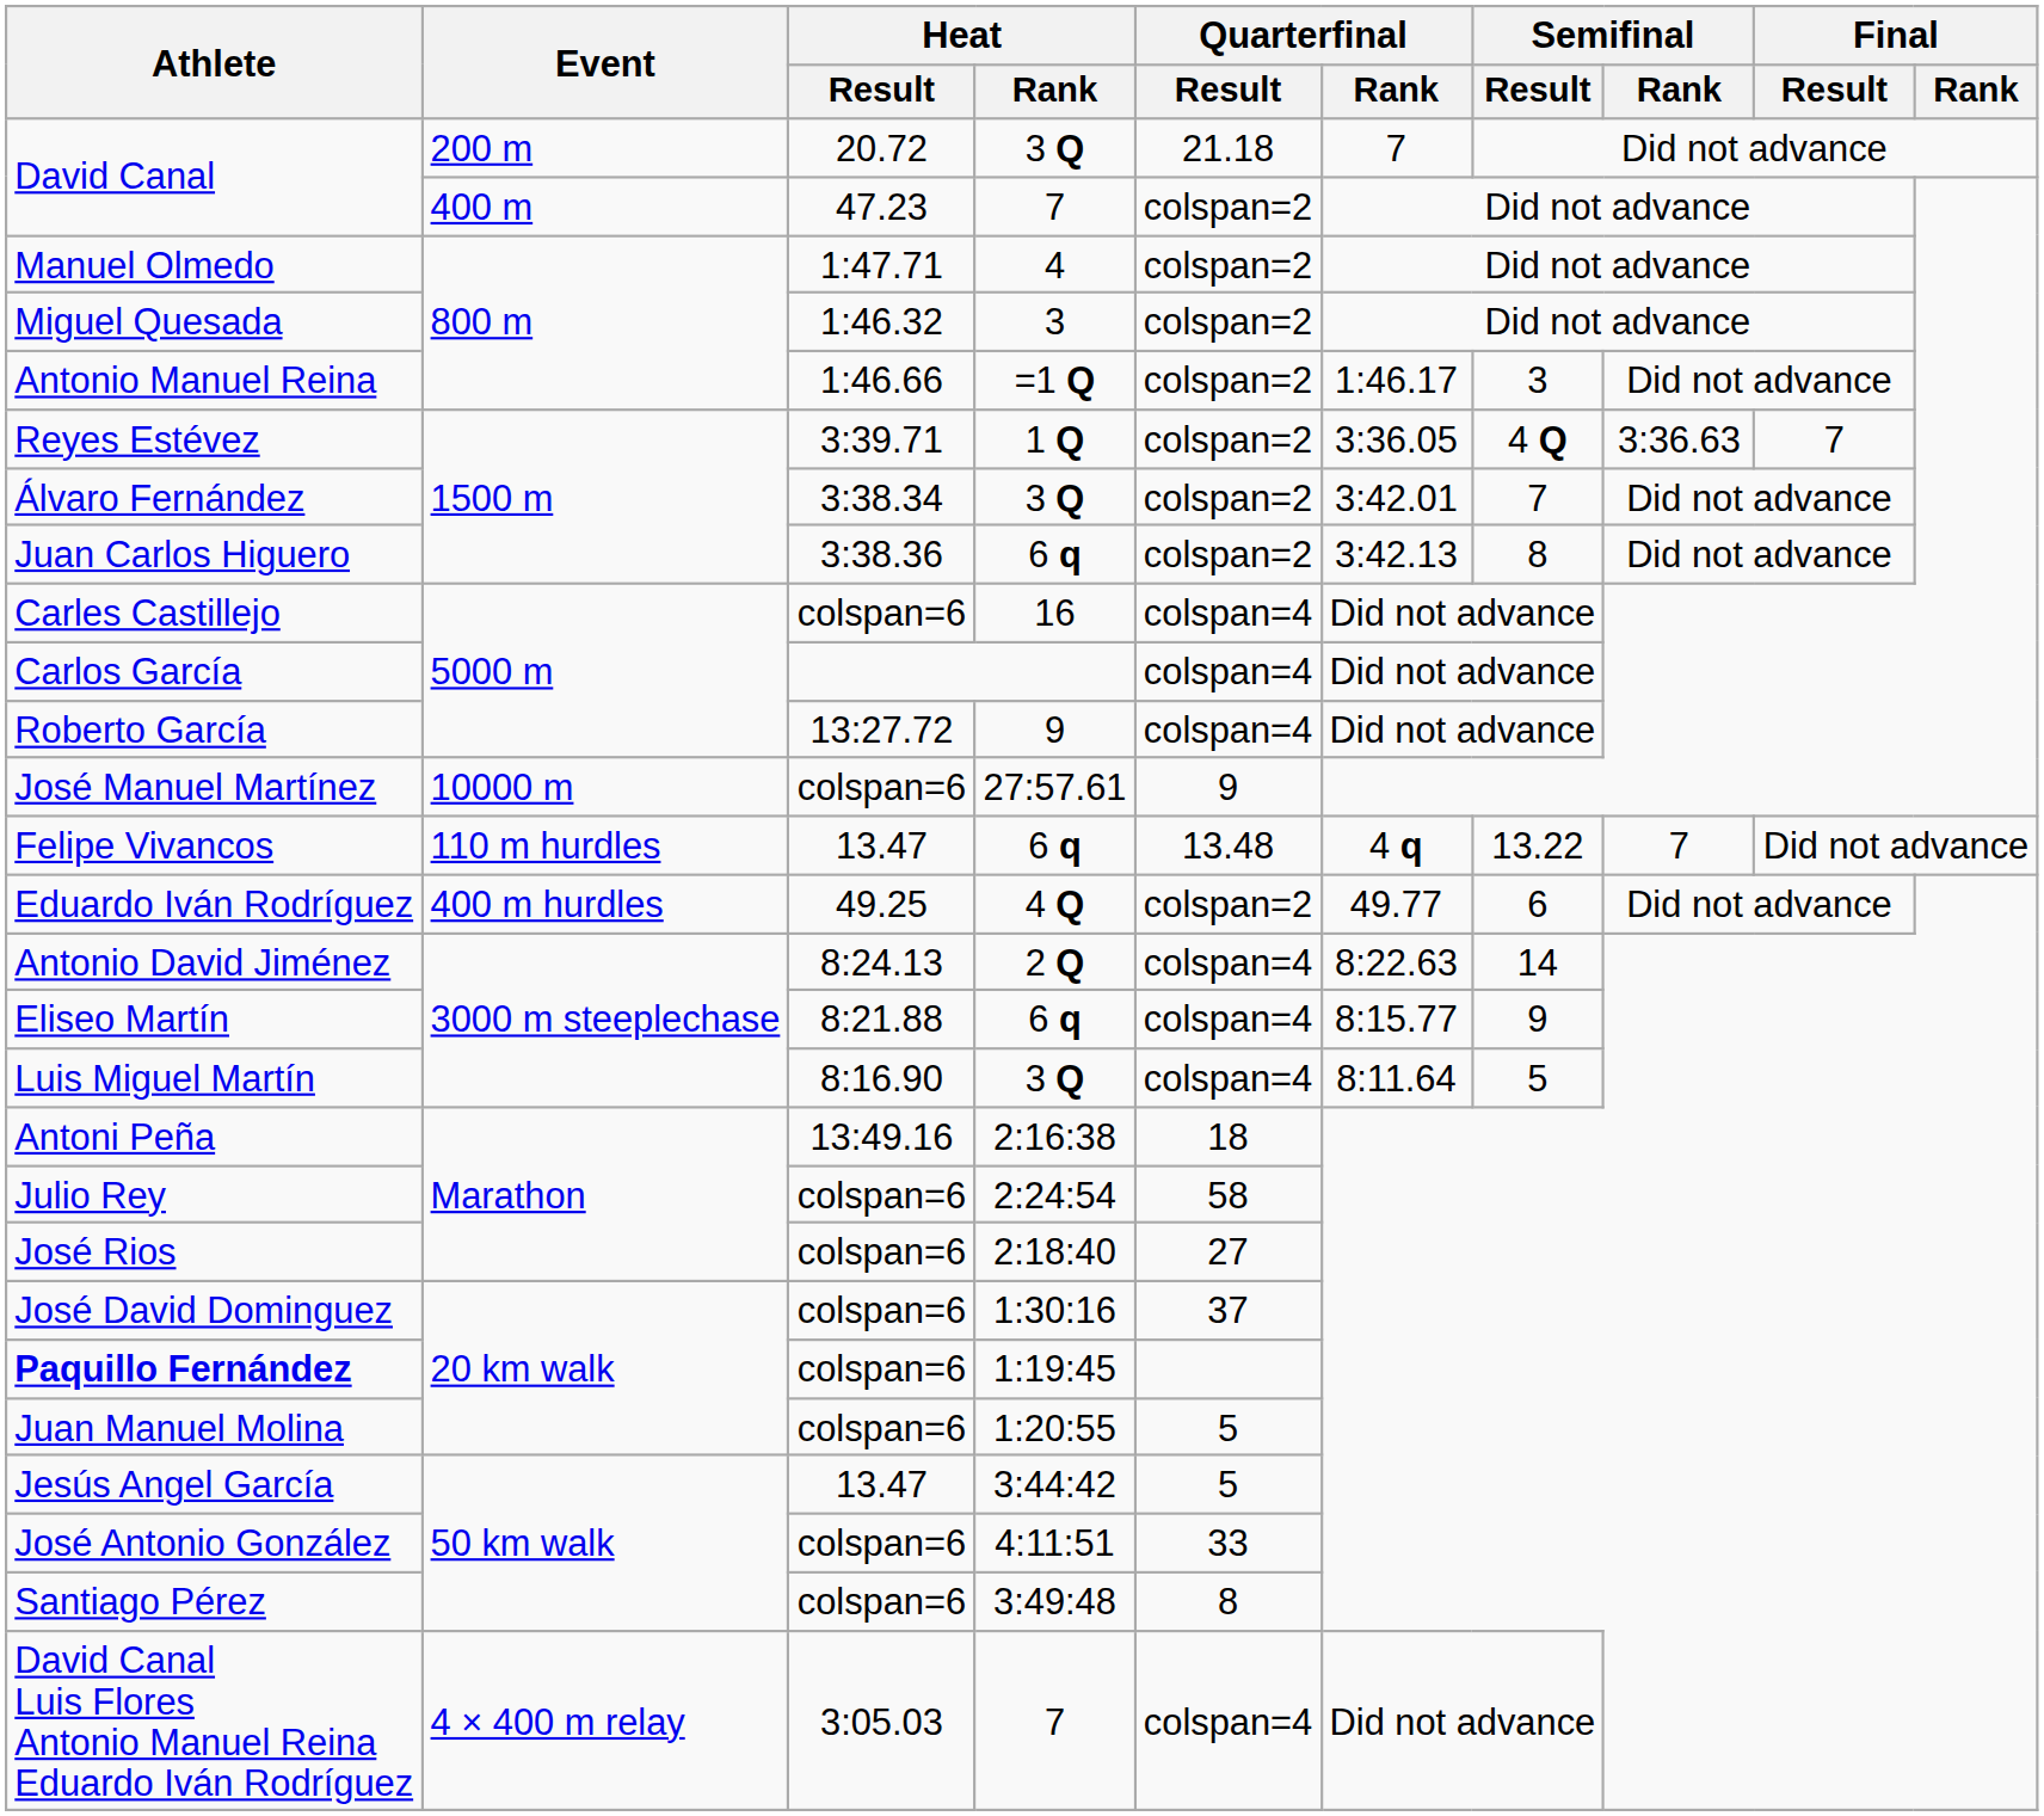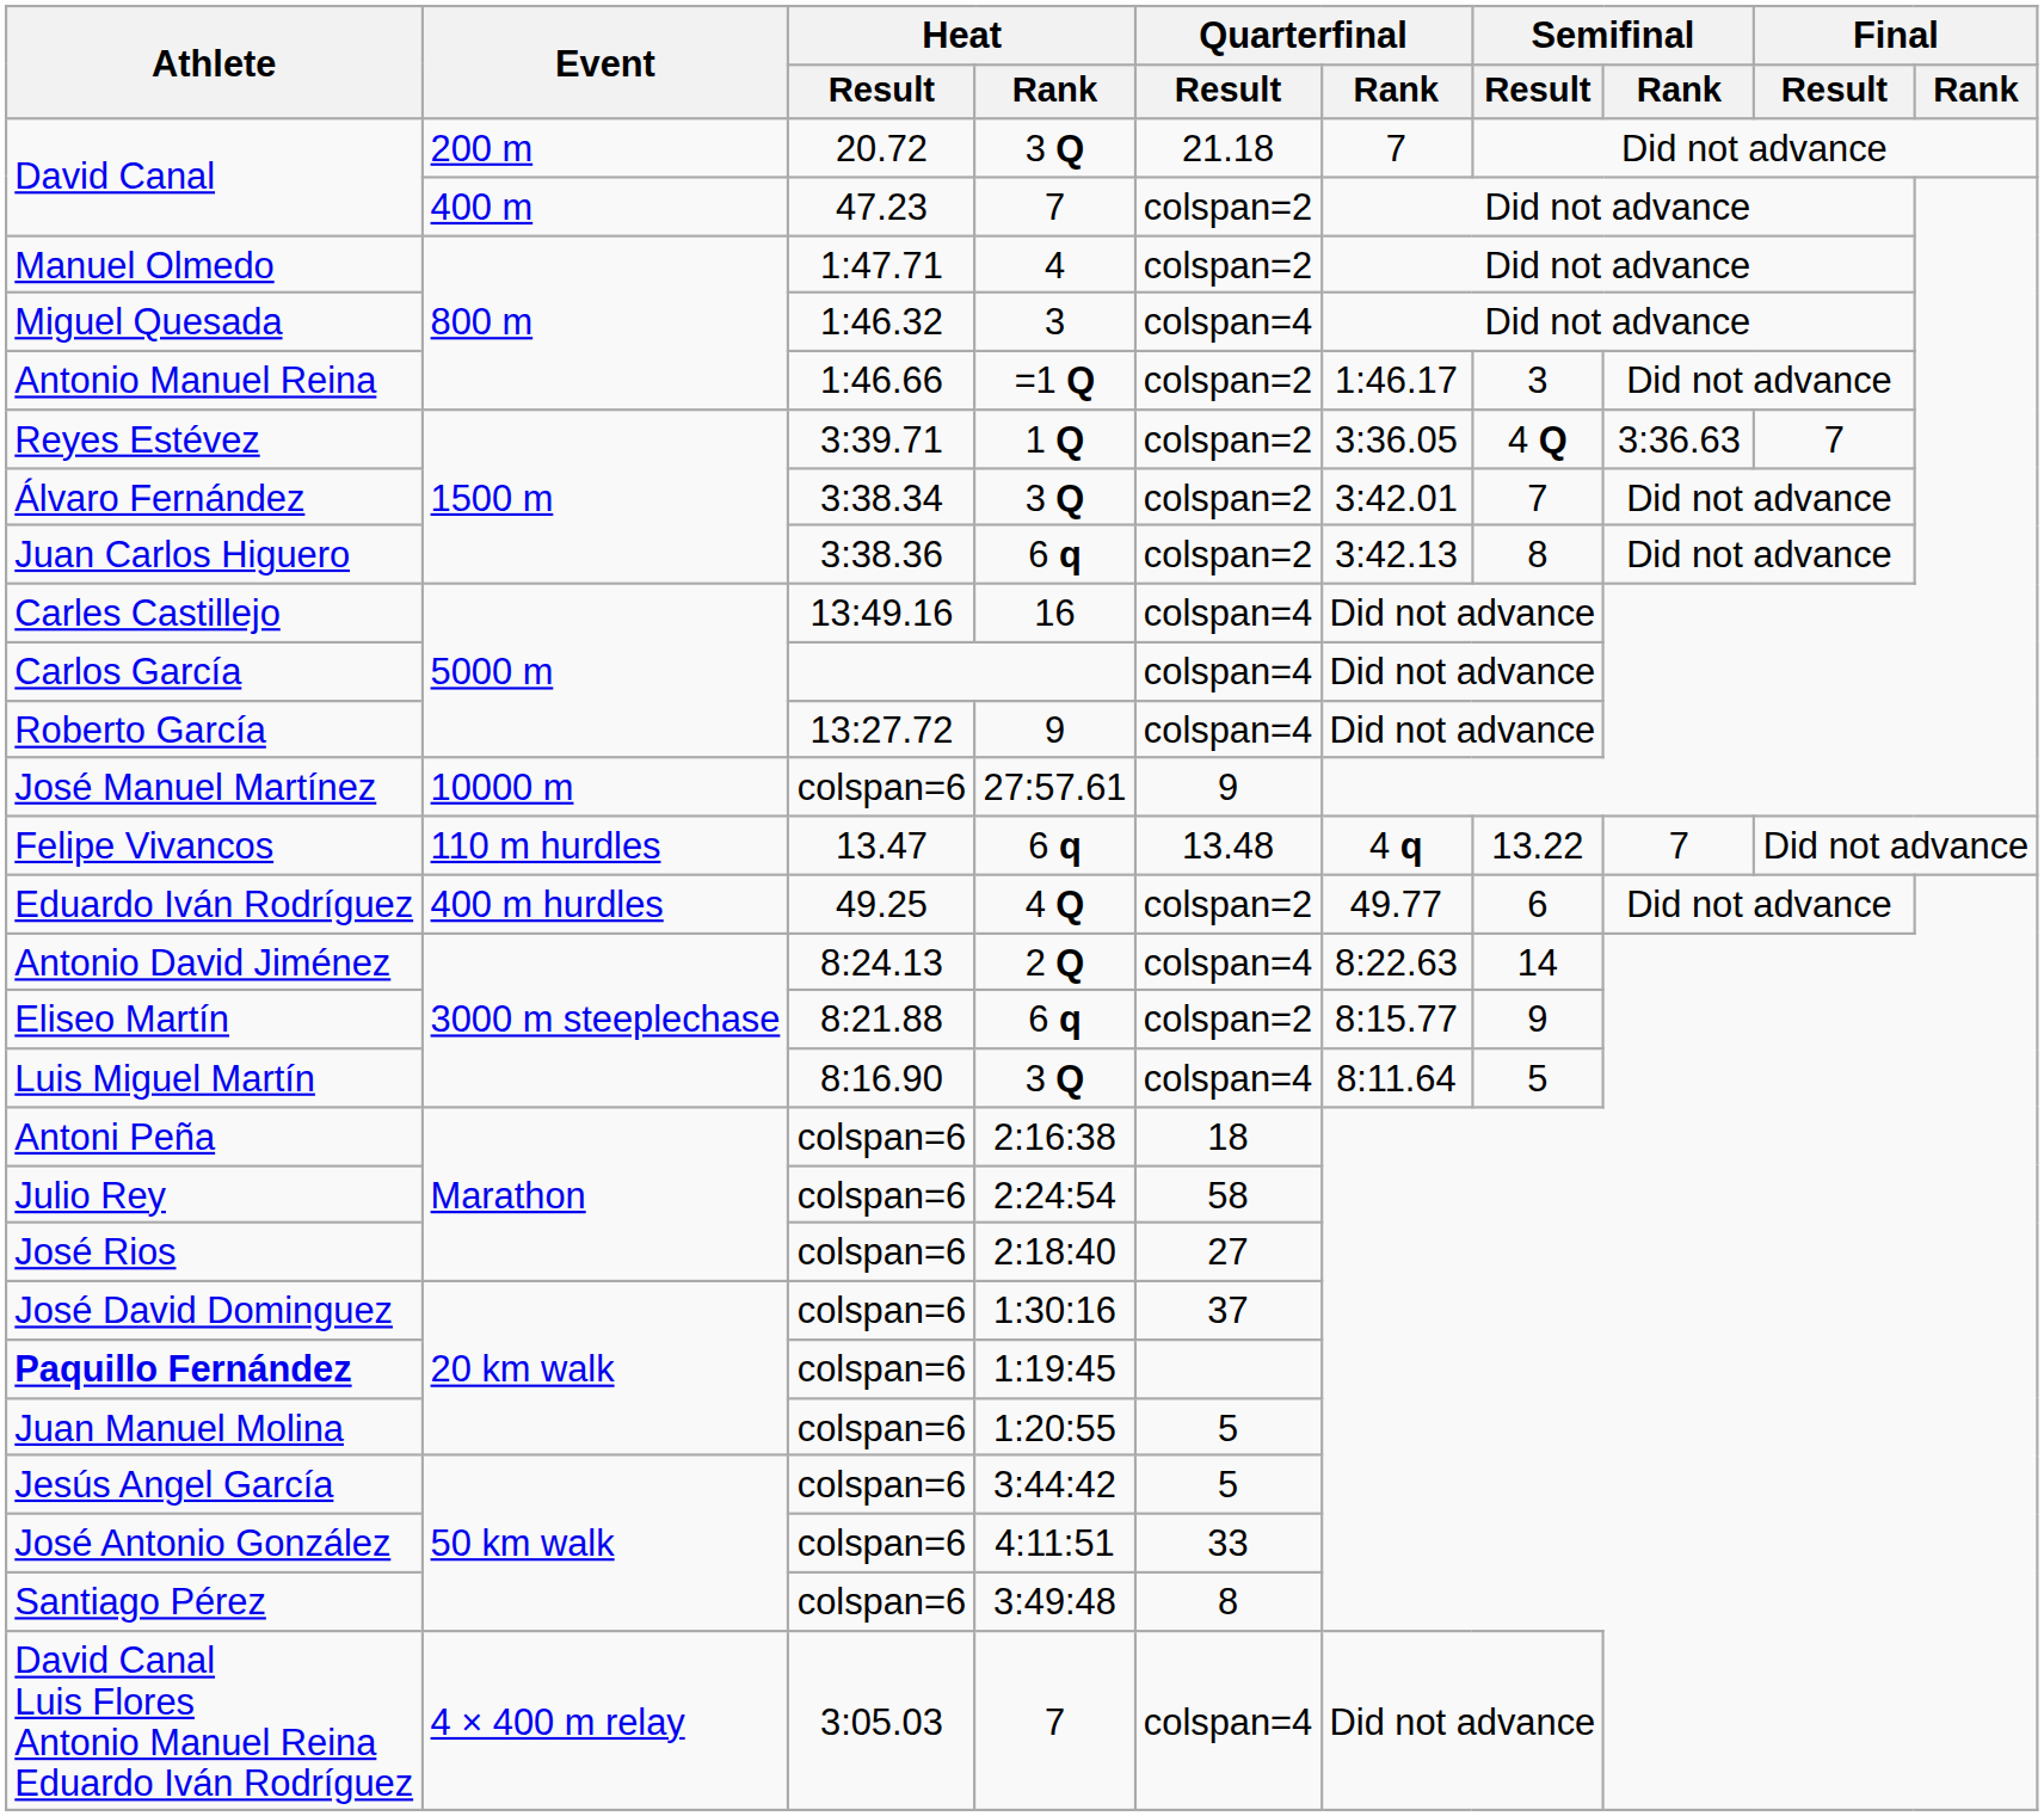 <table class=wikitable style="font-size:90%">
 <tr>
 <th rowspan="2">Athlete</th>
 <th rowspan="2">Event</th>
 <th colspan="2">Heat</th>
 <th colspan="2">Quarterfinal</th>
 <th colspan="2">Semifinal</th>
 <th colspan="2">Final</th>
 </tr>
 <tr style="font-size:95%">
 <th>Result</th>
 <th>Rank</th>
 <th>Result</th>
 <th>Rank</th>
 <th>Result</th>
 <th>Rank</th>
 <th>Result</th>
 <th>Rank</th>
 </tr>
 <tr align=center>
 <td align=left rowspan=2><a href='#'>David Canal</a></td>
 <td align=left><a href='#'>200 m</a></td>
 <td>20.72</td>
 <td>3 <strong>Q</strong></td>
 <td>21.18</td>
 <td>7</td>
 <td colspan=4>Did not advance</td>
 </tr>
 <tr align=center>
 <td align=left><a href='#'>400 m</a></td>
 <td>47.23</td>
 <td>7</td>
 <td>colspan=2 </td>
 <td colspan=4>Did not advance</td>
 </tr>
 <tr align=center>
 <td align=left><a href='#'>Manuel Olmedo</a></td>
 <td align=left rowspan=3><a href='#'>800 m</a></td>
 <td>1:47.71</td>
 <td>4</td>
 <td>colspan=2 </td>
 <td colspan=4>Did not advance</td>
 </tr>
 <tr align=center>
 <td align=left><a href='#'>Miguel Quesada</a></td>
 <td>1:46.32</td>
 <td>3</td>
-<td>colspan=2 </td>
+<td>colspan=4 </td>
 <td colspan=4>Did not advance</td>
 </tr>
 <tr align=center>
 <td align=left><a href='#'>Antonio Manuel Reina</a></td>
 <td>1:46.66</td>
 <td>=1 <strong>Q</strong></td>
 <td>colspan=2 </td>
 <td>1:46.17</td>
 <td>3</td>
 <td colspan=2>Did not advance</td>
 </tr>
 <tr align=center>
 <td align=left><a href='#'>Reyes Estévez</a></td>
 <td align=left rowspan=3><a href='#'>1500 m</a></td>
 <td>3:39.71</td>
 <td>1 <strong>Q</strong></td>
 <td>colspan=2 </td>
 <td>3:36.05</td>
 <td>4 <strong>Q</strong></td>
 <td>3:36.63</td>
 <td>7</td>
 </tr>
 <tr align=center>
 <td align=left><a href='#'>Álvaro Fernández</a></td>
 <td>3:38.34</td>
 <td>3 <strong>Q</strong></td>
 <td>colspan=2 </td>
 <td>3:42.01</td>
 <td>7</td>
 <td colspan=2>Did not advance</td>
 </tr>
 <tr align=center>
 <td align=left><a href='#'>Juan Carlos Higuero</a></td>
 <td>3:38.36</td>
 <td>6 <strong>q</strong></td>
 <td>colspan=2 </td>
 <td>3:42.13</td>
 <td>8</td>
 <td colspan=2>Did not advance</td>
 </tr>
 <tr align=center>
 <td align=left><a href='#'>Carles Castillejo</a></td>
 <td align=left rowspan=3><a href='#'>5000 m</a></td>
-<td>colspan=6 </td>
+<td>13:49.16</td>
 <td>16</td>
 <td>colspan=4 </td>
 <td colspan=2>Did not advance</td>
 </tr>
 <tr align=center>
 <td align=left><a href='#'>Carlos García</a></td>
 <td colspan=2></td>
 <td>colspan=4 </td>
 <td colspan=2>Did not advance</td>
 </tr>
 <tr align=center>
 <td align=left><a href='#'>Roberto García</a></td>
 <td>13:27.72</td>
 <td>9</td>
 <td>colspan=4 </td>
 <td colspan=2>Did not advance</td>
 </tr>
 <tr align=center>
 <td align=left><a href='#'>José Manuel Martínez</a></td>
 <td align=left><a href='#'>10000 m</a></td>
 <td>colspan=6 </td>
 <td>27:57.61</td>
 <td>9</td>
 </tr>
 <tr align=center>
 <td align=left><a href='#'>Felipe Vivancos</a></td>
 <td align=left><a href='#'>110 m hurdles</a></td>
 <td>13.47</td>
 <td>6 <strong>q</strong></td>
 <td>13.48</td>
 <td>4 <strong>q</strong></td>
 <td>13.22</td>
 <td>7</td>
 <td colspan=2>Did not advance</td>
 </tr>
 <tr align=center>
 <td align=left><a href='#'>Eduardo Iván Rodríguez</a></td>
 <td align=left><a href='#'>400 m hurdles</a></td>
 <td>49.25</td>
 <td>4 <strong>Q</strong></td>
 <td>colspan=2 </td>
 <td>49.77</td>
 <td>6</td>
 <td colspan=2>Did not advance</td>
 </tr>
 <tr align=center>
 <td align=left><a href='#'>Antonio David Jiménez</a></td>
 <td align=left rowspan=3><a href='#'>3000 m steeplechase</a></td>
 <td>8:24.13</td>
 <td>2 <strong>Q</strong></td>
 <td>colspan=4 </td>
 <td>8:22.63</td>
 <td>14</td>
 </tr>
 <tr align=center>
 <td align=left><a href='#'>Eliseo Martín</a></td>
 <td>8:21.88</td>
 <td>6 <strong>q</strong></td>
-<td>colspan=4 </td>
+<td>colspan=2 </td>
 <td>8:15.77</td>
 <td>9</td>
 </tr>
 <tr align=center>
 <td align=left><a href='#'>Luis Miguel Martín</a></td>
 <td>8:16.90</td>
 <td>3 <strong>Q</strong></td>
 <td>colspan=4 </td>
 <td>8:11.64</td>
 <td>5</td>
 </tr>
 <tr align=center>
 <td align=left><a href='#'>Antoni Peña</a></td>
 <td align=left rowspan=3><a href='#'>Marathon</a></td>
-<td>13:49.16</td>
+<td>colspan=6 </td>
 <td>2:16:38</td>
 <td>18</td>
 </tr>
 <tr align=center>
 <td align=left><a href='#'>Julio Rey</a></td>
 <td>colspan=6 </td>
 <td>2:24:54</td>
 <td>58</td>
 </tr>
 <tr align=center>
 <td align=left><a href='#'>José Rios</a></td>
 <td>colspan=6 </td>
 <td>2:18:40</td>
 <td>27</td>
 </tr>
 <tr align=center>
 <td align=left><a href='#'>José David Dominguez</a></td>
 <td align=left rowspan=3><a href='#'>20 km walk</a></td>
 <td>colspan=6 </td>
 <td>1:30:16</td>
 <td>37</td>
 </tr>
 <tr align=center>
 <td align=left><strong><a href='#'>Paquillo Fernández</a></strong></td>
 <td>colspan=6 </td>
 <td>1:19:45</td>
 <td></td>
 </tr>
 <tr align=center>
 <td align=left><a href='#'>Juan Manuel Molina</a></td>
 <td>colspan=6 </td>
 <td>1:20:55</td>
 <td>5</td>
 </tr>
 <tr align=center>
 <td align=left><a href='#'>Jesús Angel García</a></td>
 <td align=left rowspan=3><a href='#'>50 km walk</a></td>
-<td>13.47</td>
+<td>colspan=6 </td>
 <td>3:44:42</td>
 <td>5</td>
 </tr>
 <tr align=center>
 <td align=left><a href='#'>José Antonio González</a></td>
 <td>colspan=6 </td>
 <td>4:11:51</td>
 <td>33</td>
 </tr>
 <tr align=center>
 <td align=left><a href='#'>Santiago Pérez</a></td>
 <td>colspan=6 </td>
 <td>3:49:48</td>
 <td>8</td>
 </tr>
 <tr align=center>
 <td align=left><a href='#'>David Canal</a><br><a href='#'>Luis Flores</a><br><a href='#'>Antonio Manuel Reina</a> <br><a href='#'>Eduardo Iván Rodríguez</a></td>
 <td align=left><a href='#'>4 × 400 m relay</a></td>
 <td>3:05.03</td>
 <td>7</td>
 <td>colspan=4 </td>
 <td colspan=2>Did not advance</td>
 </tr>
 </table>
